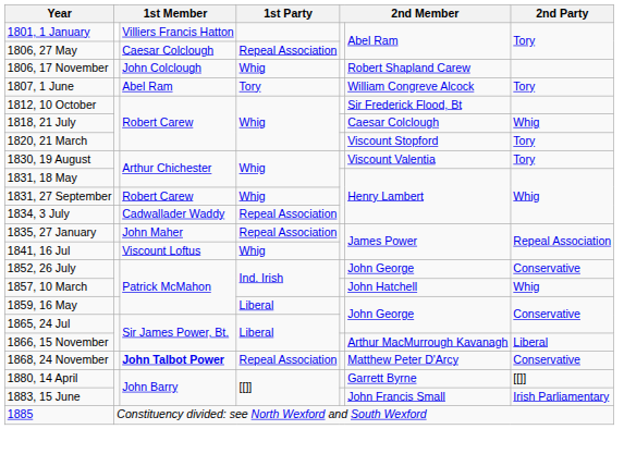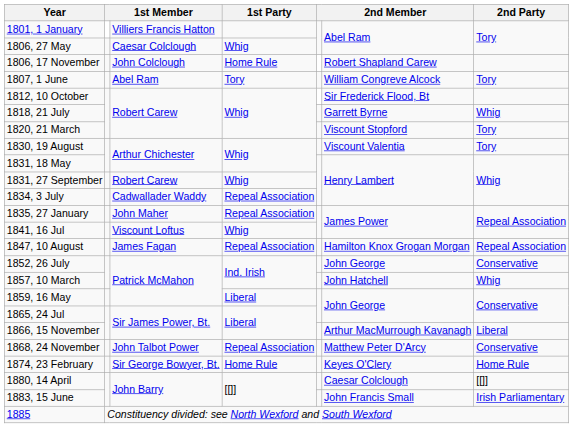 <table class="wikitable">
 <tr>
 <th>Year</th>
 <th colspan="2">1st Member</th>
 <th>1st Party</th>
 <th colspan="2">2nd Member</th>
 <th>2nd Party</th>
 </tr>
 <tr>
 <td><a href='#'>1801, 1 January</a></td>
 <td style="color:inherit;background-color: white"></td>
 <td><a href='#'>Villiers Francis Hatton</a>    </td>
 <td></td>
 <td rowspan="2" style="color:inherit;background-color: "></td>
 <td rowspan="2"><a href='#'>Abel Ram</a>      </td>
 <td rowspan="2"><a href='#'>Tory</a></td>
 </tr>
 <tr>
 <td>1806, 27 May</td>
 <td style="color:inherit;background-color: "></td>
 <td><a href='#'>Caesar Colclough</a>    </td>
-<td><a href='#'>Repeal Association</a></td>
+<td><a href='#'>Whig</a></td>
 </tr>
 <tr>
 <td>1806, 17 November</td>
 <td style="color:inherit;background-color: "></td>
 <td><a href='#'>John Colclough</a>    </td>
-<td><a href='#'>Whig</a></td>
+<td><a href='#'>Home Rule</a></td>
 <td style="color:inherit;background-color: white"></td>
 <td><a href='#'>Robert Shapland Carew</a>    </td>
 <td></td>
 </tr>
 <tr>
 <td>1807, 1 June</td>
 <td style="color:inherit;background-color: "></td>
 <td><a href='#'>Abel Ram</a>    </td>
 <td><a href='#'>Tory</a></td>
 <td style="color:inherit;background-color: "></td>
 <td><a href='#'>William Congreve Alcock</a>    </td>
 <td><a href='#'>Tory</a></td>
 </tr>
 <tr>
 <td>1812, 10 October</td>
 <td rowspan="3" style="color:inherit;background-color: "></td>
 <td rowspan="3"><a href='#'>Robert Carew</a> </td>
 <td rowspan="3"><a href='#'>Whig</a></td>
 <td style="color:inherit;background-color: white"></td>
 <td><a href='#'>Sir Frederick Flood, Bt</a>    </td>
 <td></td>
 </tr>
 <tr>
 <td>1818, 21 July</td>
 <td style="color:inherit;background-color: "></td>
-<td><a href='#'>Caesar Colclough</a>    </td>
+<td><a href='#'>Garrett Byrne</a>    </td>
 <td><a href='#'>Whig</a></td>
 </tr>
 <tr>
 <td>1820, 21 March</td>
 <td style="color:inherit;background-color: "></td>
 <td><a href='#'>Viscount Stopford</a> </td>
 <td><a href='#'>Tory</a></td>
 </tr>
 <tr>
 <td>1830, 19 August</td>
 <td rowspan="2" style="color:inherit;background-color: "></td>
 <td rowspan="2"><a href='#'>Arthur Chichester</a> </td>
 <td rowspan="2"><a href='#'>Whig</a></td>
 <td style="color:inherit;background-color: "></td>
 <td><a href='#'>Viscount Valentia</a>    </td>
 <td><a href='#'>Tory</a></td>
 </tr>
 <tr>
 <td>1831, 18 May</td>
 <td rowspan="3" style="color:inherit;background-color: "></td>
 <td rowspan="3"><a href='#'>Henry Lambert</a>      </td>
 <td rowspan="3"><a href='#'>Whig</a></td>
 </tr>
 <tr>
 <td>1831, 27 September</td>
 <td style="color:inherit;background-color: "></td>
 <td><a href='#'>Robert Carew</a> </td>
 <td><a href='#'>Whig</a></td>
 </tr>
 <tr>
 <td>1834, 3 July</td>
 <td style="color:inherit;background-color: "></td>
 <td><a href='#'>Cadwallader Waddy</a>    </td>
 <td><a href='#'>Repeal Association</a></td>
 </tr>
 <tr>
 <td>1835, 27 January</td>
 <td style="color:inherit;background-color: "></td>
 <td><a href='#'>John Maher</a>    </td>
 <td><a href='#'>Repeal Association</a></td>
 <td rowspan="2" style="color:inherit;background-color: "></td>
 <td rowspan="2"><a href='#'>James Power</a>      </td>
 <td rowspan="2"><a href='#'>Repeal Association</a></td>
 </tr>
 <tr>
 <td>1841, 16 Jul</td>
 <td style="color:inherit;background-color: "></td>
 <td><a href='#'>Viscount Loftus</a> </td>
 <td><a href='#'>Whig</a></td>
 </tr>
 <tr>
+<td>1847, 10 August</td>
+<td style="color:inherit;background-color: "></td>
+<td><a href='#'>James Fagan</a>    </td>
+<td><a href='#'>Repeal Association</a></td>
+<td style="color:inherit;background-color: "></td>
+<td><a href='#'>Hamilton Knox Grogan Morgan</a>    </td>
+<td><a href='#'>Repeal Association</a></td>
+</tr>
+<tr>
 <td>1852, 26 July</td>
 <td rowspan="2" style="color:inherit;background-color: "></td>
 <td rowspan="3"><a href='#'>Patrick McMahon</a>      </td>
 <td rowspan="2"><a href='#'>Ind. Irish</a></td>
 <td style="color:inherit;background-color: "></td>
 <td><a href='#'>John George</a>    </td>
 <td><a href='#'>Conservative</a></td>
 </tr>
 <tr>
 <td>1857, 10 March</td>
 <td style="color:inherit;background-color: "></td>
 <td><a href='#'>John Hatchell</a>    </td>
 <td><a href='#'>Whig</a></td>
 </tr>
 <tr>
 <td>1859, 16 May</td>
 <td style="color:inherit;background-color: "></td>
 <td><a href='#'>Liberal</a></td>
 <td rowspan="2" style="color:inherit;background-color: "></td>
 <td rowspan="2"><a href='#'>John George</a>      </td>
 <td rowspan="2"><a href='#'>Conservative</a></td>
 </tr>
 <tr>
 <td>1865, 24 Jul</td>
 <td rowspan="2" style="color:inherit;background-color: "></td>
 <td rowspan="2"><a href='#'>Sir James Power, Bt.</a>      </td>
 <td rowspan="2"><a href='#'>Liberal</a></td>
 </tr>
 <tr>
 <td>1866, 15 November</td>
 <td style="color:inherit;background-color: "></td>
 <td><a href='#'>Arthur MacMurrough Kavanagh</a>    </td>
 <td><a href='#'>Liberal</a></td>
 </tr>
 <tr>
 <td>1868, 24 November</td>
 <td style="color:inherit;background-color: "></td>
-<td><strong><a href='#'>John Talbot Power</a>    </strong></td>
+<td><a href='#'>John Talbot Power</a>    </td>
 <td><a href='#'>Repeal Association</a></td>
 <td style="color:inherit;background-color: "></td>
 <td><a href='#'>Matthew Peter D'Arcy</a>    </td>
 <td><a href='#'>Conservative</a></td>
+</tr>
+<tr>
+<td>1874, 23 February</td>
+<td style="color:inherit;background-color: "></td>
+<td><a href='#'>Sir George Bowyer, Bt.</a>    </td>
+<td><a href='#'>Home Rule</a></td>
+<td style="color:inherit;background-color: "></td>
+<td><a href='#'>Keyes O'Clery</a>    </td>
+<td><a href='#'>Home Rule</a></td>
 </tr>
 <tr>
 <td>1880, 14 April</td>
 <td rowspan="2" style="color:inherit;background-color: "></td>
 <td rowspan="2"><a href='#'>John Barry</a>      </td>
 <td rowspan="2">[[]]</td>
 <td style="color:inherit;background-color: "></td>
-<td><a href='#'>Garrett Byrne</a>    </td>
+<td><a href='#'>Caesar Colclough</a>    </td>
 <td>[[]]</td>
 </tr>
 <tr>
 <td>1883, 15 June</td>
 <td style="color:inherit;background-color: "></td>
 <td><a href='#'>John Francis Small</a>    </td>
 <td><a href='#'>Irish Parliamentary</a></td>
 </tr>
 <tr>
 <td><a href='#'>1885</a></td>
 <td colspan="6"><em>Constituency divided: see <a href='#'>North Wexford</a> and <a href='#'>South Wexford</a></em></td>
 </tr>
 </table>
